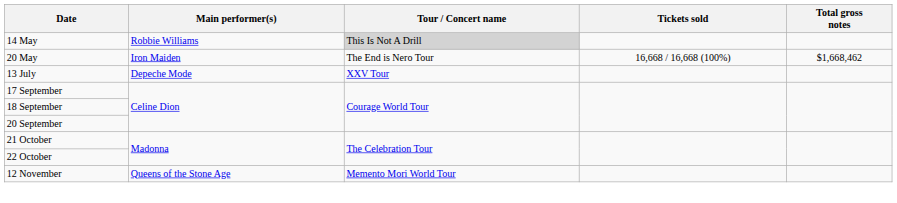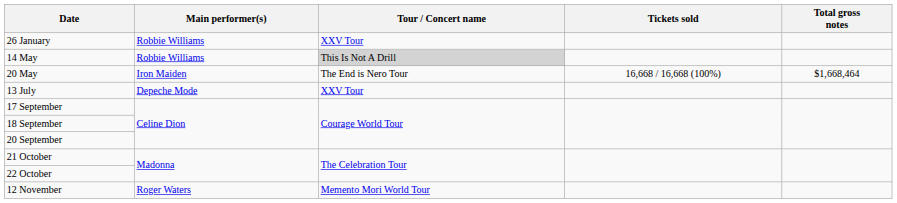 <table class="wikitable"  style="text-align:left; font-size:95%; width:85%;">
 <tr>
 <th style="text-align:center;">Date</th>
 <th style="text-align:center;">Main performer(s)</th>
 <th style="text-align:center;">Tour / Concert name</th>
 <th style="text-align:center;">Tickets sold</th>
 <th style="text-align:center;">Total gross<br>notes</th>
+</tr>
+<tr>
+<td>26 January</td>
+<td><a href='#'>Robbie Williams</a></td>
+<td><a href='#'>XXV Tour</a></td>
+<td align=center></td>
+<td align=center></td>
 </tr>
 <tr>
 <td>14 May</td>
 <td><a href='#'>Robbie Williams</a></td>
 <td style="background: lightgrey;">This Is Not A Drill</td>
 <td align=center></td>
 <td align=center></td>
 </tr>
 <tr>
 <td>20 May</td>
 <td><a href='#'>Iron Maiden</a></td>
 <td>The End is Nero Tour</td>
 <td align="center">16,668 / 16,668 (100%)</td>
-<td align="center">$1,668,462</td>
+<td align="center">$1,668,464</td>
 </tr>
 <tr>
 <td>13 July</td>
 <td><a href='#'>Depeche Mode</a></td>
 <td><a href='#'>XXV Tour</a></td>
 <td align="center"></td>
 <td align=center></td>
 </tr>
 <tr>
 <td>17 September</td>
 <td rowspan="3"><a href='#'>Celine Dion</a></td>
 <td rowspan="3"><a href='#'>Courage World Tour</a></td>
 <td align=center rowspan="3"></td>
 <td rowspan="3"></td>
 </tr>
 <tr>
 <td>18 September</td>
 </tr>
 <tr>
 <td>20 September</td>
 </tr>
 <tr>
 <td>21 October</td>
 <td rowspan="2"><a href='#'>Madonna</a></td>
 <td rowspan="2"><a href='#'>The Celebration Tour</a></td>
 <td align=center rowspan="2"></td>
 </tr>
 <tr>
 <td>22 October</td>
 </tr>
 <tr>
 <td>12 November</td>
-<td><a href='#'>Queens of the Stone Age</a></td>
+<td><a href='#'>Roger Waters</a></td>
 <td><a href='#'>Memento Mori World Tour</a></td>
 <td align="center"></td>
 <td align=center></td>
 </tr>
 </table>
